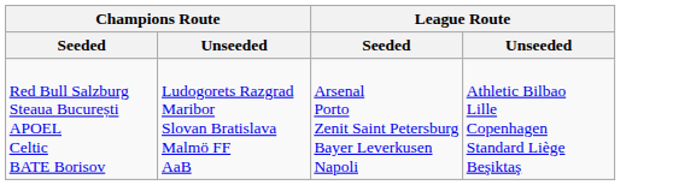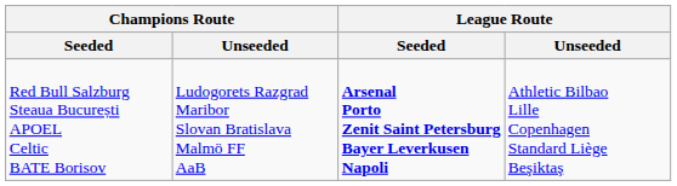 <table class="wikitable" style="font-size:80%">
 <tr>
 <th colspan=2>Champions Route</th>
 <th colspan=2>League Route</th>
 </tr>
 <tr>
 <th width=25%>Seeded</th>
 <th width=25%>Unseeded</th>
 <th width=25%>Seeded</th>
 <th width=25%>Unseeded</th>
 </tr>
 <tr>
 <td valign=top><br> <a href='#'>Red Bull Salzburg</a><br>  <a href='#'>Steaua București</a><br>  <a href='#'>APOEL</a><br>  <a href='#'>Celtic</a><br>  <a href='#'>BATE Borisov</a></td>
 <td valign=top><br> <a href='#'>Ludogorets Razgrad</a><br>  <a href='#'>Maribor</a><br>  <a href='#'>Slovan Bratislava</a><br>  <a href='#'>Malmö FF</a><br>  <a href='#'>AaB</a></td>
-<td valign=top><br> <a href='#'>Arsenal</a><br>  <a href='#'>Porto</a><br>  <a href='#'>Zenit Saint Petersburg</a><br>  <a href='#'>Bayer Leverkusen</a><br>  <a href='#'>Napoli</a></td>
+<td valign=top><strong><br> <a href='#'>Arsenal</a><br>  <a href='#'>Porto</a><br>  <a href='#'>Zenit Saint Petersburg</a><br>  <a href='#'>Bayer Leverkusen</a><br>  <a href='#'>Napoli</a></strong></td>
 <td valign=top><br> <a href='#'>Athletic Bilbao</a><br>  <a href='#'>Lille</a><br>  <a href='#'>Copenhagen</a><br>  <a href='#'>Standard Liège</a><br>  <a href='#'>Beşiktaş</a></td>
 </tr>
 </table>
